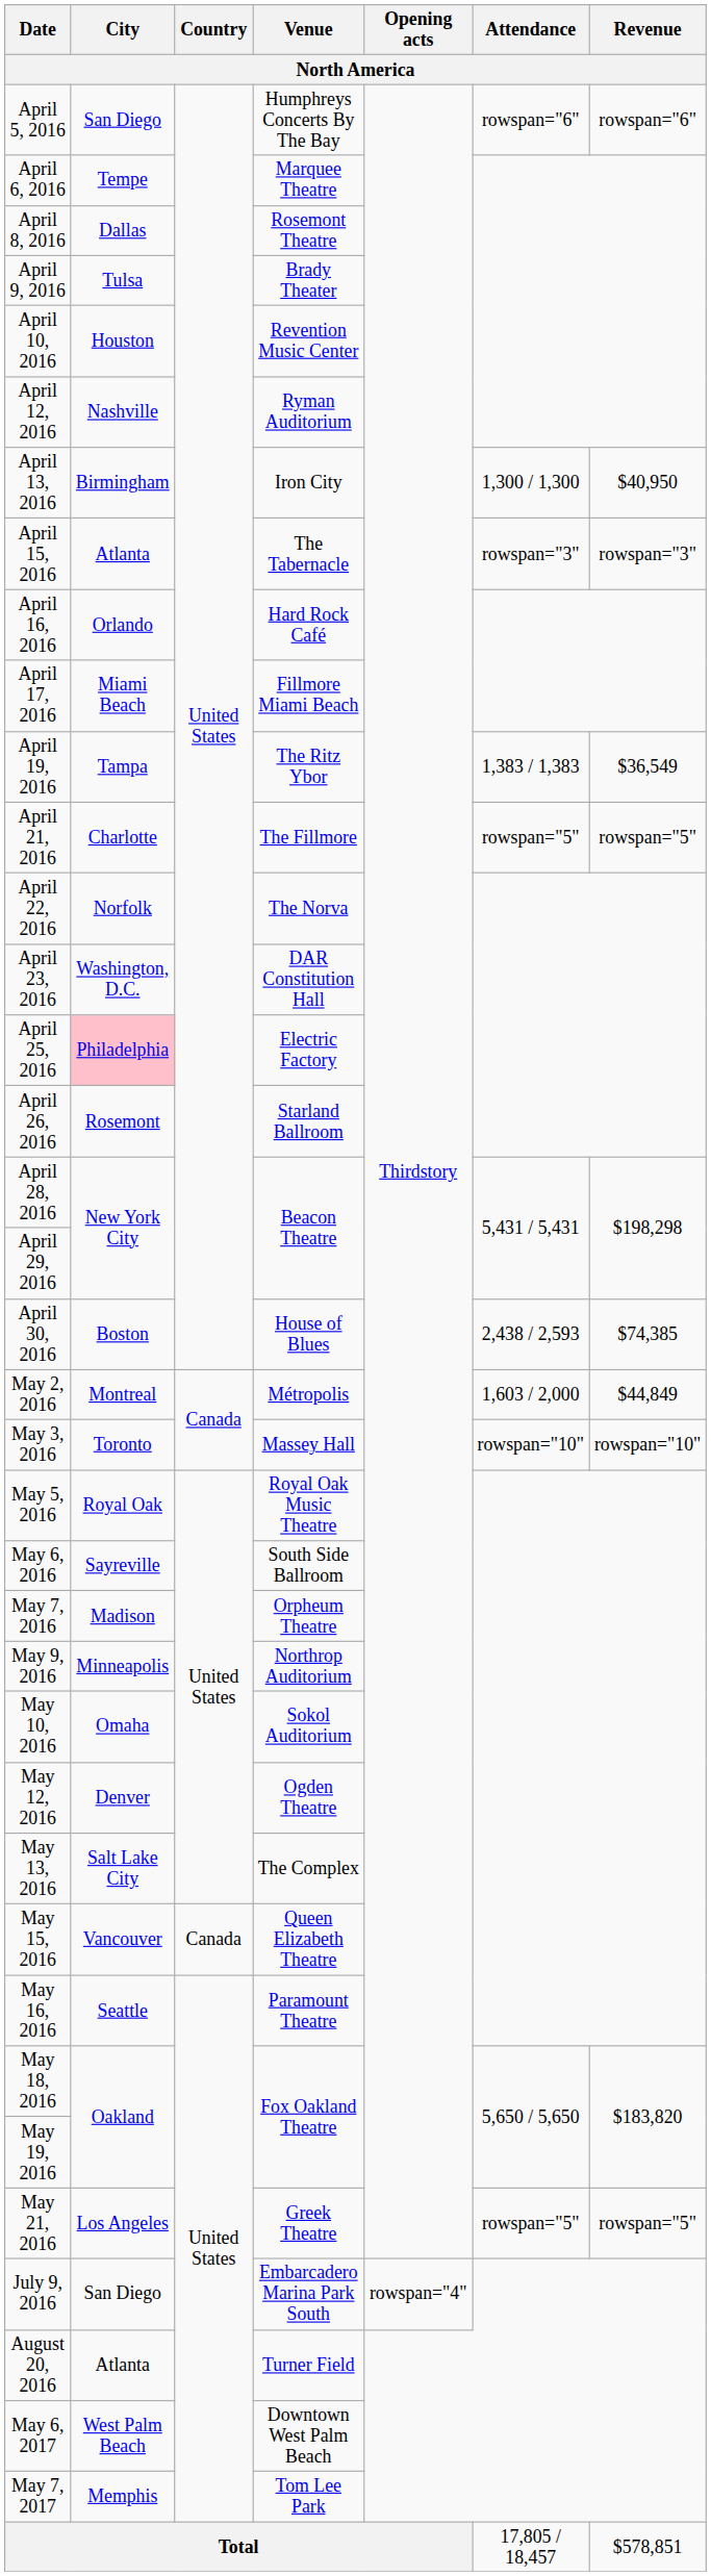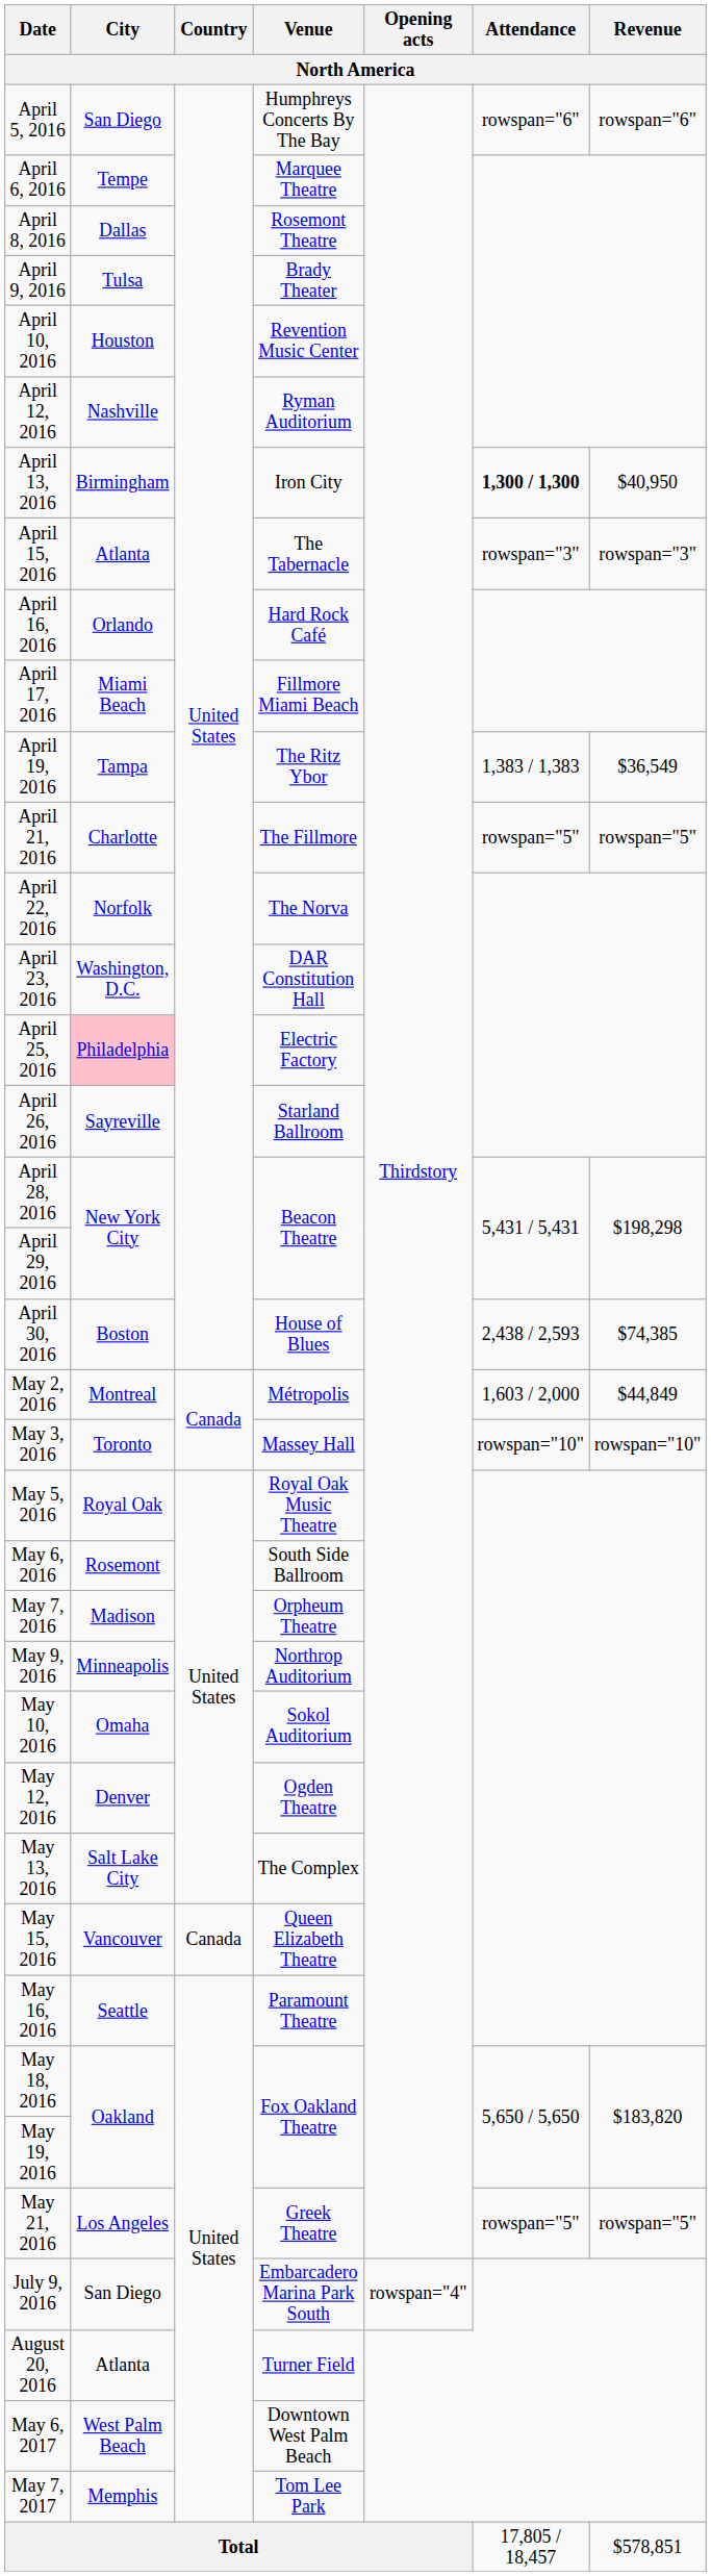 <table class="wikitable" style="text-align:center;">
 <tr>
 <th scope="col" style="width:12em;">Date</th>
 <th scope="col" style="width:10em;">City</th>
 <th scope="col" style="width:10em;">Country</th>
 <th scope="col" style="width:16em;">Venue</th>
 <th scope="col" style="width:10em;">Opening acts</th>
 <th scope="col" style="width:10em;">Attendance</th>
 <th scope="col" style="width:10em;">Revenue</th>
 </tr>
 <tr>
 <th colspan="7" style="text-align:center;"><strong>North America</strong></th>
 </tr>
 <tr>
 <td>April 5, 2016</td>
 <td><a href='#'>San Diego</a></td>
 <td rowspan="19"><a href='#'>United States</a></td>
 <td>Humphreys Concerts By The Bay</td>
 <td rowspan="33"><a href='#'>Thirdstory</a></td>
 <td>rowspan="6" </td>
 <td>rowspan="6" </td>
 </tr>
 <tr>
 <td>April 6, 2016</td>
 <td><a href='#'>Tempe</a></td>
 <td><a href='#'>Marquee Theatre</a></td>
 </tr>
 <tr>
 <td>April 8, 2016</td>
 <td><a href='#'>Dallas</a></td>
 <td><a href='#'>Rosemont Theatre</a></td>
 </tr>
 <tr>
 <td>April 9, 2016</td>
 <td><a href='#'>Tulsa</a></td>
 <td><a href='#'>Brady Theater</a></td>
 </tr>
 <tr>
 <td>April 10, 2016</td>
 <td><a href='#'>Houston</a></td>
 <td><a href='#'>Revention Music Center</a></td>
 </tr>
 <tr>
 <td>April 12, 2016</td>
 <td><a href='#'>Nashville</a></td>
 <td><a href='#'>Ryman Auditorium</a></td>
 </tr>
 <tr>
 <td>April 13, 2016</td>
 <td><a href='#'>Birmingham</a></td>
 <td>Iron City</td>
-<td>1,300 / 1,300</td>
+<td><strong>1,300 / 1,300</strong></td>
 <td>$40,950</td>
 </tr>
 <tr>
 <td>April 15, 2016</td>
 <td><a href='#'>Atlanta</a></td>
 <td>The <a href='#'>Tabernacle</a></td>
 <td>rowspan="3" </td>
 <td>rowspan="3" </td>
 </tr>
 <tr>
 <td>April 16, 2016</td>
 <td><a href='#'>Orlando</a></td>
 <td><a href='#'>Hard Rock Café</a></td>
 </tr>
 <tr>
 <td>April 17, 2016</td>
 <td><a href='#'>Miami Beach</a></td>
 <td><a href='#'>Fillmore Miami Beach</a></td>
 </tr>
 <tr>
 <td>April 19, 2016</td>
 <td><a href='#'>Tampa</a></td>
 <td><a href='#'>The Ritz Ybor</a></td>
 <td>1,383 / 1,383</td>
 <td>$36,549</td>
 </tr>
 <tr>
 <td>April 21, 2016</td>
 <td><a href='#'>Charlotte</a></td>
 <td><a href='#'>The Fillmore</a></td>
 <td>rowspan="5" </td>
 <td>rowspan="5" </td>
 </tr>
 <tr>
 <td>April 22, 2016</td>
 <td><a href='#'>Norfolk</a></td>
 <td><a href='#'>The Norva</a></td>
 </tr>
 <tr>
 <td>April 23, 2016</td>
 <td><a href='#'>Washington, D.C.</a></td>
 <td><a href='#'>DAR Constitution Hall</a></td>
 </tr>
 <tr>
 <td>April 25, 2016</td>
 <td style="background: pink;"><a href='#'>Philadelphia</a></td>
 <td><a href='#'>Electric Factory</a></td>
 </tr>
 <tr>
 <td>April 26, 2016</td>
-<td><a href='#'>Rosemont</a></td>
+<td><a href='#'>Sayreville</a></td>
 <td><a href='#'>Starland Ballroom</a></td>
 </tr>
 <tr>
 <td>April 28, 2016</td>
 <td rowspan="2"><a href='#'>New York City</a></td>
 <td rowspan="2"><a href='#'>Beacon Theatre</a></td>
 <td rowspan="2">5,431 / 5,431</td>
 <td rowspan="2">$198,298</td>
 </tr>
 <tr>
 <td>April 29, 2016</td>
 </tr>
 <tr>
 <td>April 30, 2016</td>
 <td><a href='#'>Boston</a></td>
 <td><a href='#'>House of Blues</a></td>
 <td>2,438 / 2,593</td>
 <td>$74,385</td>
 </tr>
 <tr>
 <td>May 2, 2016</td>
 <td><a href='#'>Montreal</a></td>
 <td rowspan="2"><a href='#'>Canada</a></td>
 <td><a href='#'>Métropolis</a></td>
 <td>1,603 / 2,000</td>
 <td>$44,849</td>
 </tr>
 <tr>
 <td>May 3, 2016</td>
 <td><a href='#'>Toronto</a></td>
 <td><a href='#'>Massey Hall</a></td>
 <td>rowspan="10" </td>
 <td>rowspan="10" </td>
 </tr>
 <tr>
 <td>May 5, 2016</td>
 <td><a href='#'>Royal Oak</a></td>
 <td rowspan="7">United States</td>
 <td><a href='#'>Royal Oak Music Theatre</a></td>
 </tr>
 <tr>
 <td>May 6, 2016</td>
-<td><a href='#'>Sayreville</a></td>
+<td><a href='#'>Rosemont</a></td>
 <td>South Side Ballroom</td>
 </tr>
 <tr>
 <td>May 7, 2016</td>
 <td><a href='#'>Madison</a></td>
 <td><a href='#'>Orpheum Theatre</a></td>
 </tr>
 <tr>
 <td>May 9, 2016</td>
 <td><a href='#'>Minneapolis</a></td>
 <td><a href='#'>Northrop Auditorium</a></td>
 </tr>
 <tr>
 <td>May 10, 2016</td>
 <td><a href='#'>Omaha</a></td>
 <td><a href='#'>Sokol Auditorium</a></td>
 </tr>
 <tr>
 <td>May 12, 2016</td>
 <td><a href='#'>Denver</a></td>
 <td><a href='#'>Ogden Theatre</a></td>
 </tr>
 <tr>
 <td>May 13, 2016</td>
 <td><a href='#'>Salt Lake City</a></td>
 <td>The Complex</td>
 </tr>
 <tr>
 <td>May 15, 2016</td>
 <td><a href='#'>Vancouver</a></td>
 <td>Canada</td>
 <td><a href='#'>Queen Elizabeth Theatre</a></td>
 </tr>
 <tr>
 <td>May 16, 2016</td>
 <td><a href='#'>Seattle</a></td>
 <td rowspan="8">United States</td>
 <td><a href='#'>Paramount Theatre</a></td>
 </tr>
 <tr>
 <td>May 18, 2016</td>
 <td rowspan="2"><a href='#'>Oakland</a></td>
 <td rowspan="2"><a href='#'>Fox Oakland Theatre</a></td>
 <td rowspan="2">5,650 / 5,650</td>
 <td rowspan="2">$183,820</td>
 </tr>
 <tr>
 <td>May 19, 2016</td>
 </tr>
 <tr>
 <td>May 21, 2016</td>
 <td><a href='#'>Los Angeles</a></td>
 <td><a href='#'>Greek Theatre</a></td>
 <td>rowspan="5" </td>
 <td>rowspan="5" </td>
 </tr>
 <tr>
 <td>July 9, 2016</td>
 <td>San Diego</td>
 <td><a href='#'>Embarcadero Marina Park South</a></td>
 <td>rowspan="4" </td>
 </tr>
 <tr>
 <td>August 20, 2016</td>
 <td>Atlanta</td>
 <td><a href='#'>Turner Field</a></td>
 </tr>
 <tr>
 <td>May 6, 2017</td>
 <td><a href='#'>West Palm Beach</a></td>
 <td>Downtown West Palm Beach</td>
 </tr>
 <tr>
 <td>May 7, 2017</td>
 <td><a href='#'>Memphis</a></td>
 <td><a href='#'>Tom Lee Park</a></td>
 </tr>
 <tr>
 <th colspan="5">Total</th>
 <td>17,805 / 18,457</td>
 <td>$578,851</td>
 </tr>
 </table>
